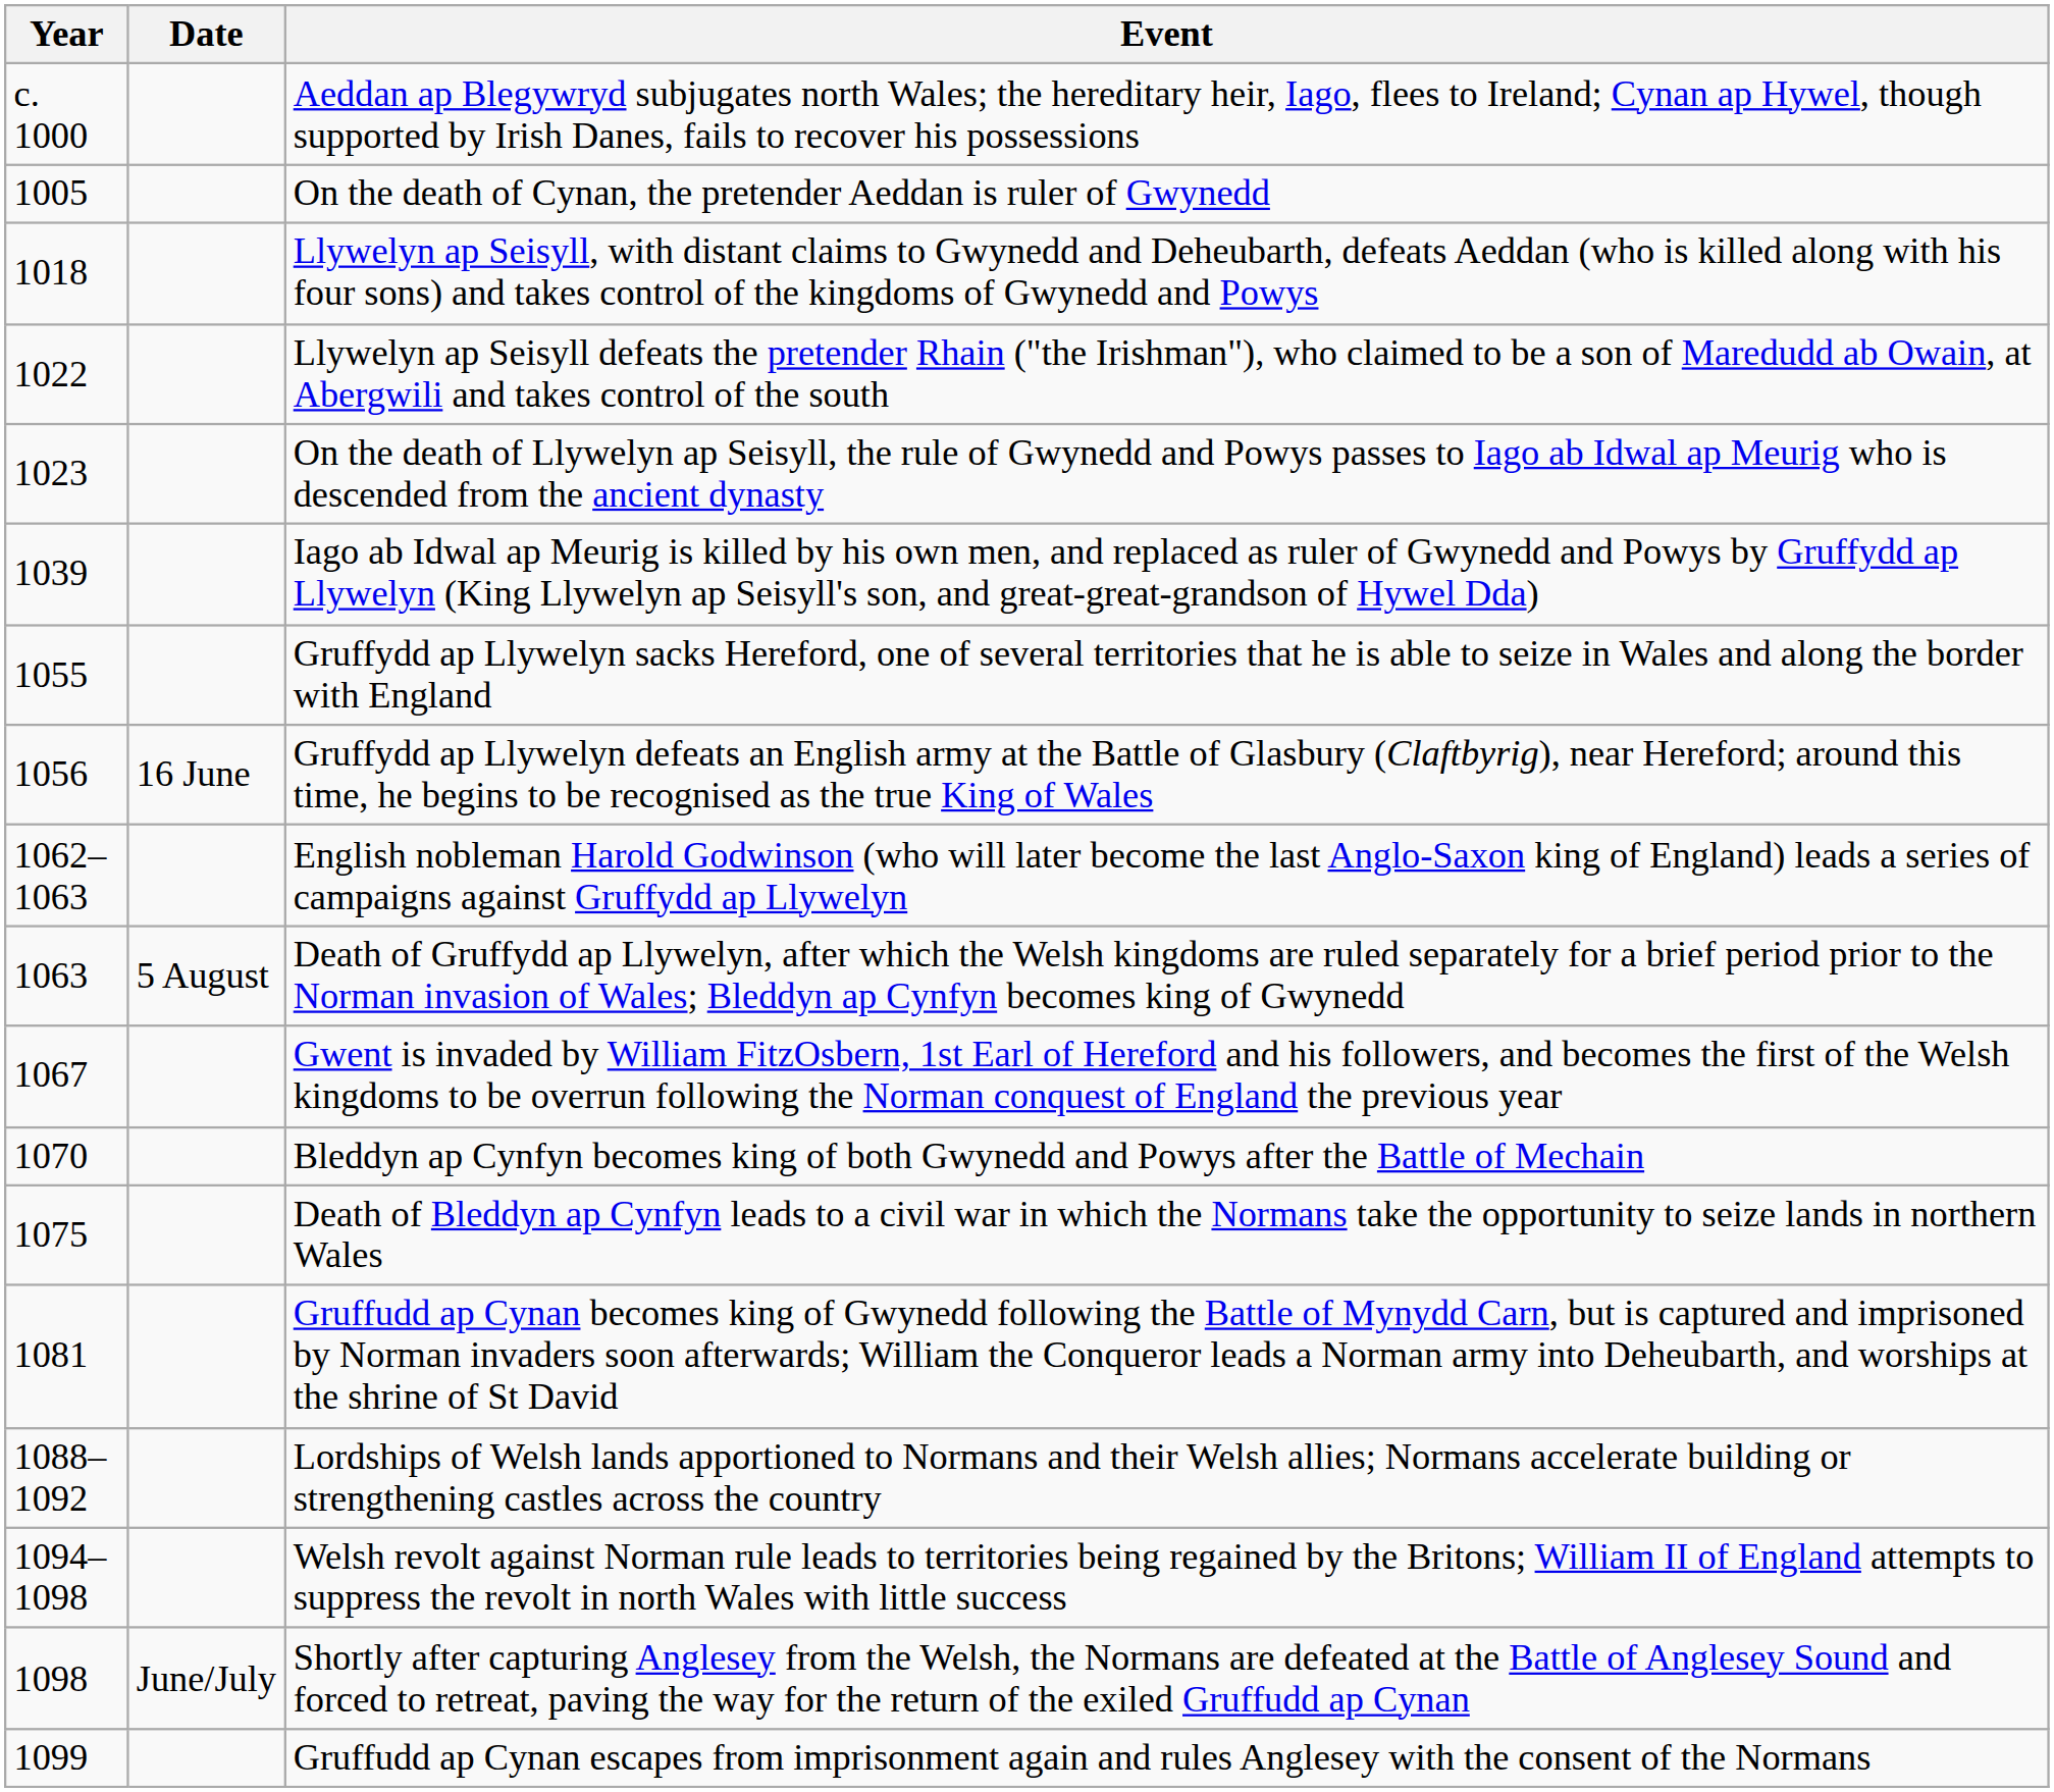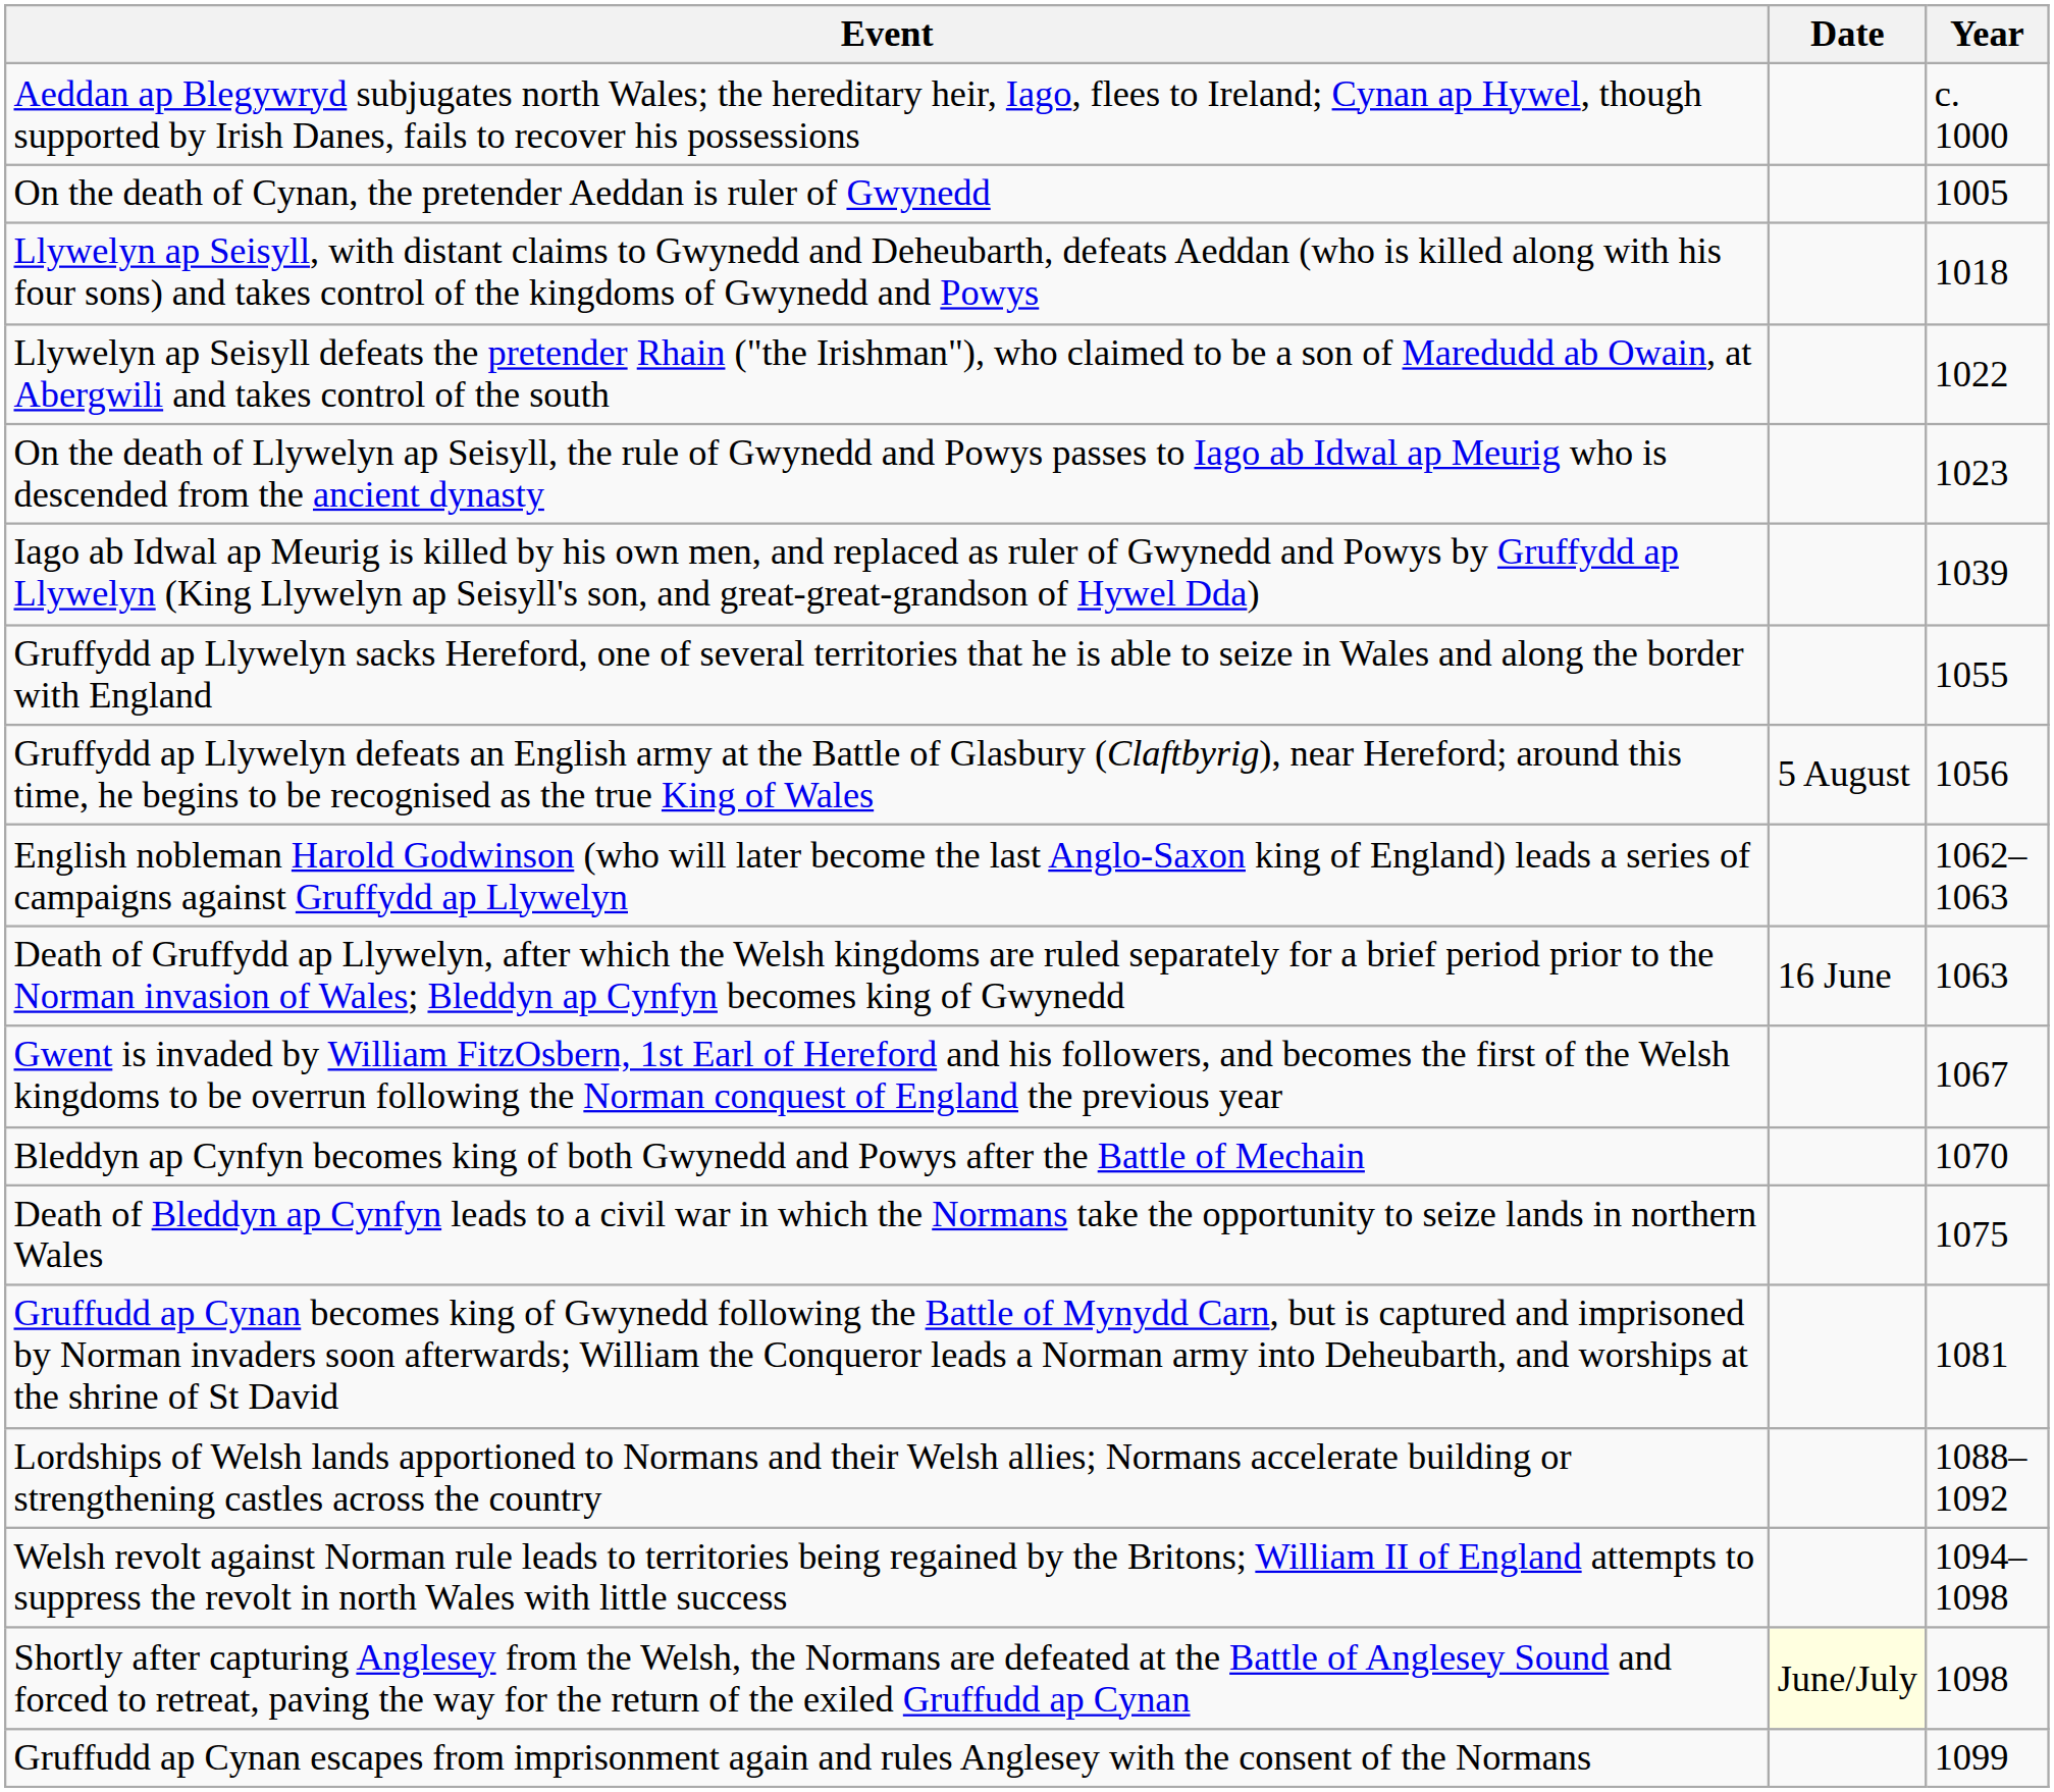 <table class="wikitable" width="100%">
 <tr>
+<th>Event</th>
+<th style="width:6%">Date</th>
 <th style="width:6%">Year</th>
-<th style="width:6%">Date</th>
-<th>Event</th>
 </tr>
 <tr>
+<td><a href='#'>Aeddan ap Blegywryd</a> subjugates north Wales; the hereditary heir, <a href='#'>Iago</a>, flees to Ireland; <a href='#'>Cynan ap Hywel</a>, though supported by Irish Danes, fails to recover his possessions</td>
+<td></td>
 <td>c. 1000</td>
-<td></td>
-<td><a href='#'>Aeddan ap Blegywryd</a> subjugates north Wales; the hereditary heir, <a href='#'>Iago</a>, flees to Ireland; <a href='#'>Cynan ap Hywel</a>, though supported by Irish Danes, fails to recover his possessions</td>
 </tr>
 <tr>
+<td>On the death of Cynan, the pretender Aeddan is ruler of <a href='#'>Gwynedd</a></td>
+<td></td>
 <td>1005</td>
-<td></td>
-<td>On the death of Cynan, the pretender Aeddan is ruler of <a href='#'>Gwynedd</a></td>
 </tr>
 <tr>
+<td><a href='#'>Llywelyn ap Seisyll</a>, with distant claims to Gwynedd and Deheubarth, defeats Aeddan (who is killed along with his four sons) and takes control of the kingdoms of Gwynedd and <a href='#'>Powys</a></td>
+<td></td>
 <td>1018</td>
-<td></td>
-<td><a href='#'>Llywelyn ap Seisyll</a>, with distant claims to Gwynedd and Deheubarth, defeats Aeddan (who is killed along with his four sons) and takes control of the kingdoms of Gwynedd and <a href='#'>Powys</a></td>
 </tr>
 <tr>
+<td>Llywelyn ap Seisyll defeats the <a href='#'>pretender</a> <a href='#'>Rhain</a> ("the Irishman"), who claimed to be a son of <a href='#'>Maredudd ab Owain</a>, at <a href='#'>Abergwili</a> and takes control of the south</td>
+<td></td>
 <td>1022</td>
-<td></td>
-<td>Llywelyn ap Seisyll defeats the <a href='#'>pretender</a> <a href='#'>Rhain</a> ("the Irishman"), who claimed to be a son of <a href='#'>Maredudd ab Owain</a>, at <a href='#'>Abergwili</a> and takes control of the south</td>
 </tr>
 <tr>
+<td>On the death of Llywelyn ap Seisyll, the rule of Gwynedd and Powys passes to <a href='#'>Iago ab Idwal ap Meurig</a> who is descended from the <a href='#'>ancient dynasty</a></td>
+<td></td>
 <td>1023</td>
-<td></td>
-<td>On the death of Llywelyn ap Seisyll, the rule of Gwynedd and Powys passes to <a href='#'>Iago ab Idwal ap Meurig</a> who is descended from the <a href='#'>ancient dynasty</a></td>
 </tr>
 <tr>
+<td>Iago ab Idwal ap Meurig is killed by his own men, and replaced as ruler of Gwynedd and Powys by <a href='#'>Gruffydd ap Llywelyn</a> (King Llywelyn ap Seisyll's son, and great-great-grandson of <a href='#'>Hywel Dda</a>)</td>
+<td></td>
 <td>1039</td>
-<td></td>
-<td>Iago ab Idwal ap Meurig is killed by his own men, and replaced as ruler of Gwynedd and Powys by <a href='#'>Gruffydd ap Llywelyn</a> (King Llywelyn ap Seisyll's son, and great-great-grandson of <a href='#'>Hywel Dda</a>)</td>
 </tr>
 <tr>
+<td>Gruffydd ap Llywelyn sacks Hereford, one of several territories that he is able to seize in Wales and along the border with England</td>
+<td></td>
 <td>1055</td>
-<td></td>
-<td>Gruffydd ap Llywelyn sacks Hereford, one of several territories that he is able to seize in Wales and along the border with England</td>
 </tr>
 <tr>
+<td>Gruffydd ap Llywelyn defeats an English army at the Battle of Glasbury (<em>Claftbyrig</em>), near Hereford; around this time, he begins to be recognised as the true <a href='#'>King of Wales</a></td>
+<td>5 August</td>
 <td>1056</td>
-<td>16 June</td>
-<td>Gruffydd ap Llywelyn defeats an English army at the Battle of Glasbury (<em>Claftbyrig</em>), near Hereford; around this time, he begins to be recognised as the true <a href='#'>King of Wales</a></td>
 </tr>
 <tr>
+<td>English nobleman <a href='#'>Harold Godwinson</a> (who will later become the last <a href='#'>Anglo-Saxon</a> king of England) leads a series of campaigns against <a href='#'>Gruffydd ap Llywelyn</a></td>
+<td></td>
 <td>1062–1063</td>
-<td></td>
-<td>English nobleman <a href='#'>Harold Godwinson</a> (who will later become the last <a href='#'>Anglo-Saxon</a> king of England) leads a series of campaigns against <a href='#'>Gruffydd ap Llywelyn</a></td>
 </tr>
 <tr>
+<td>Death of Gruffydd ap Llywelyn, after which the Welsh kingdoms are ruled separately for a brief period prior to the <a href='#'>Norman invasion of Wales</a>; <a href='#'>Bleddyn ap Cynfyn</a> becomes king of Gwynedd</td>
+<td>16 June</td>
 <td>1063</td>
-<td>5 August</td>
-<td>Death of Gruffydd ap Llywelyn, after which the Welsh kingdoms are ruled separately for a brief period prior to the <a href='#'>Norman invasion of Wales</a>; <a href='#'>Bleddyn ap Cynfyn</a> becomes king of Gwynedd</td>
 </tr>
 <tr>
+<td><a href='#'>Gwent</a> is invaded by <a href='#'>William FitzOsbern, 1st Earl of Hereford</a> and his followers, and becomes the first of the Welsh kingdoms to be overrun following the <a href='#'>Norman conquest of England</a> the previous year</td>
+<td></td>
 <td>1067</td>
-<td></td>
-<td><a href='#'>Gwent</a> is invaded by <a href='#'>William FitzOsbern, 1st Earl of Hereford</a> and his followers, and becomes the first of the Welsh kingdoms to be overrun following the <a href='#'>Norman conquest of England</a> the previous year</td>
 </tr>
 <tr>
+<td>Bleddyn ap Cynfyn becomes king of both Gwynedd and Powys after the <a href='#'>Battle of Mechain</a></td>
+<td></td>
 <td>1070</td>
-<td></td>
-<td>Bleddyn ap Cynfyn becomes king of both Gwynedd and Powys after the <a href='#'>Battle of Mechain</a></td>
 </tr>
 <tr>
+<td>Death of <a href='#'>Bleddyn ap Cynfyn</a> leads to a civil war in which the <a href='#'>Normans</a> take the opportunity to seize lands in northern Wales</td>
+<td></td>
 <td>1075</td>
-<td></td>
-<td>Death of <a href='#'>Bleddyn ap Cynfyn</a> leads to a civil war in which the <a href='#'>Normans</a> take the opportunity to seize lands in northern Wales</td>
 </tr>
 <tr>
+<td><a href='#'>Gruffudd ap Cynan</a> becomes king of Gwynedd following the <a href='#'>Battle of Mynydd Carn</a>, but is captured and imprisoned by Norman invaders soon afterwards; William the Conqueror leads a Norman army into Deheubarth, and worships at the shrine of St David</td>
+<td></td>
 <td>1081</td>
-<td></td>
-<td><a href='#'>Gruffudd ap Cynan</a> becomes king of Gwynedd following the <a href='#'>Battle of Mynydd Carn</a>, but is captured and imprisoned by Norman invaders soon afterwards; William the Conqueror leads a Norman army into Deheubarth, and worships at the shrine of St David</td>
 </tr>
 <tr>
+<td>Lordships of Welsh lands apportioned to Normans and their Welsh allies; Normans accelerate building or strengthening castles across the country</td>
+<td></td>
 <td>1088–1092</td>
-<td></td>
-<td>Lordships of Welsh lands apportioned to Normans and their Welsh allies; Normans accelerate building or strengthening castles across the country</td>
 </tr>
 <tr>
+<td>Welsh revolt against Norman rule leads to territories being regained by the Britons; <a href='#'>William II of England</a> attempts to suppress the revolt in north Wales with little success</td>
+<td></td>
 <td>1094–1098</td>
-<td></td>
-<td>Welsh revolt against Norman rule leads to territories being regained by the Britons; <a href='#'>William II of England</a> attempts to suppress the revolt in north Wales with little success</td>
 </tr>
 <tr>
+<td>Shortly after capturing <a href='#'>Anglesey</a> from the Welsh, the Normans are defeated at the <a href='#'>Battle of Anglesey Sound</a> and forced to retreat, paving the way for the return of the exiled <a href='#'>Gruffudd ap Cynan</a></td>
+<td style="background: lightyellow;">June/July</td>
 <td>1098</td>
-<td>June/July</td>
-<td>Shortly after capturing <a href='#'>Anglesey</a> from the Welsh, the Normans are defeated at the <a href='#'>Battle of Anglesey Sound</a> and forced to retreat, paving the way for the return of the exiled <a href='#'>Gruffudd ap Cynan</a></td>
 </tr>
 <tr>
+<td>Gruffudd ap Cynan escapes from imprisonment again and rules Anglesey with the consent of the Normans</td>
+<td></td>
 <td>1099</td>
-<td></td>
-<td>Gruffudd ap Cynan escapes from imprisonment again and rules Anglesey with the consent of the Normans</td>
 </tr>
 </table>
